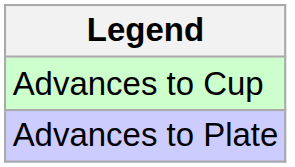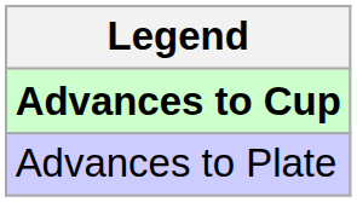 <table class="wikitable">
 <tr>
 <th>Legend</th>
 </tr>
 <tr bgcolor=ccffcc>
-<td>Advances to Cup</td>
+<td><strong>Advances to Cup</strong></td>
 </tr>
 <tr bgcolor=ccccff>
 <td>Advances to Plate</td>
 </tr>
 </table>
